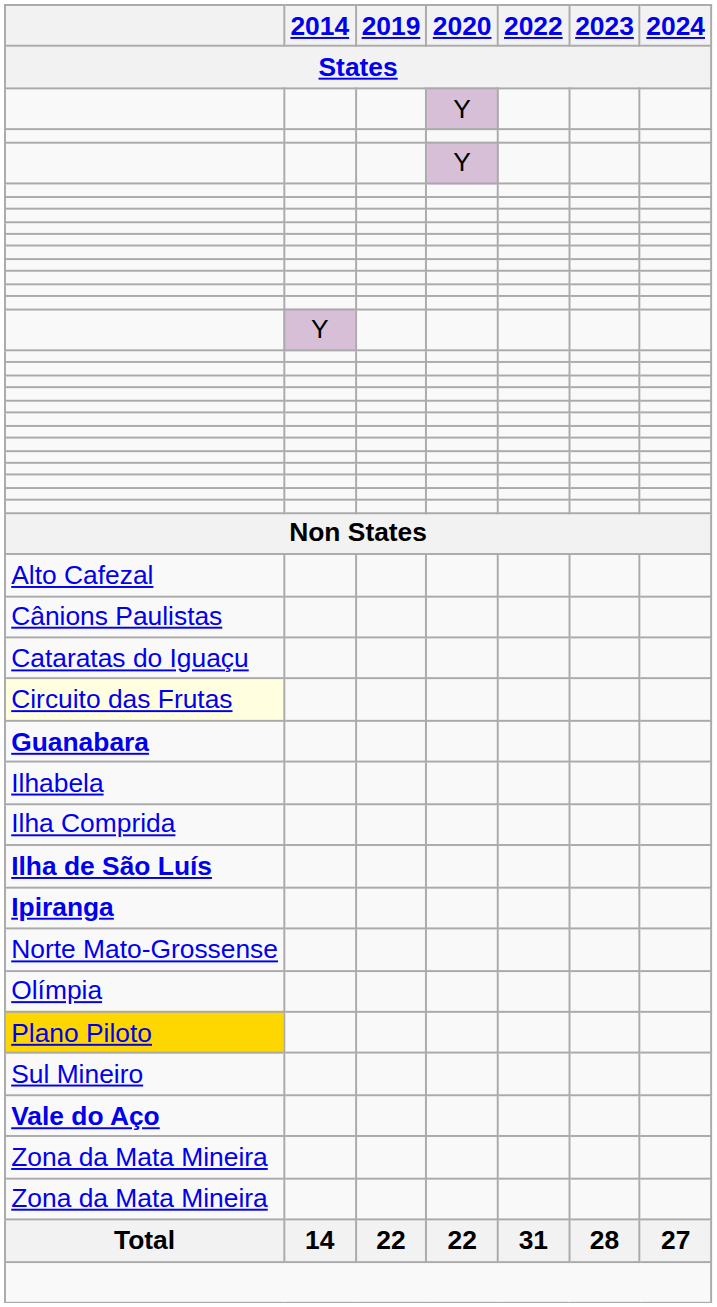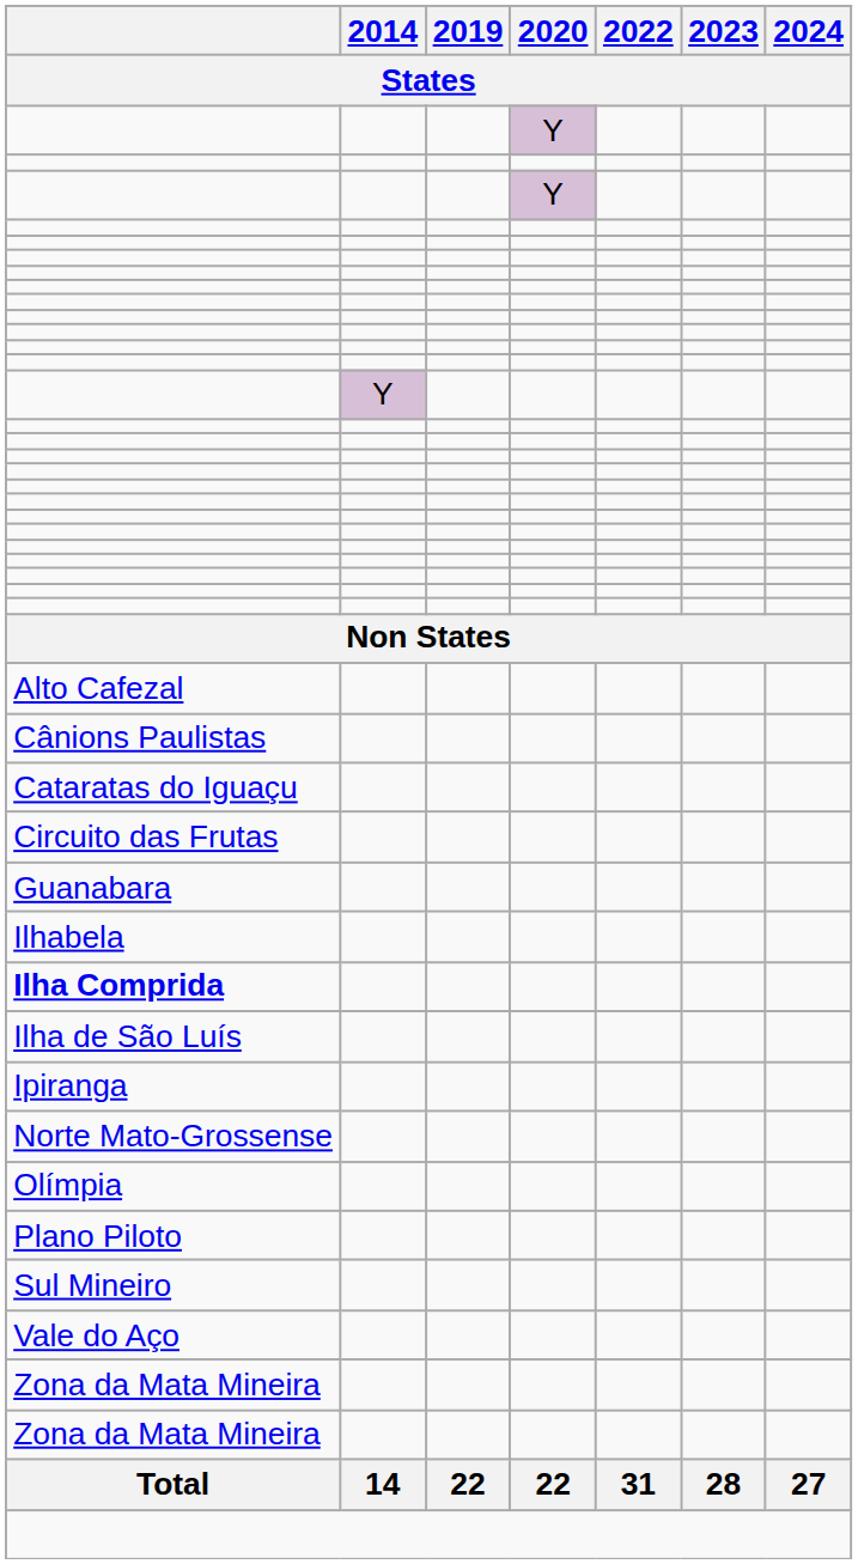 <table class="wikitable" style="font-size: 85%;">
 <tr>
 <th></th>
 <th><a href='#'>2014</a></th>
 <th><a href='#'>2019</a></th>
 <th><a href='#'>2020</a></th>
 <th><a href='#'>2022</a></th>
 <th><a href='#'>2023</a></th>
 <th><a href='#'>2024</a></th>
 </tr>
 <tr>
 <th colspan=7><a href='#'>States</a></th>
 </tr>
 <tr>
 <td></td>
 <td></td>
 <td></td>
 <td bgcolor=#D8BFD8 align=center>Y</td>
 <td></td>
 <td></td>
 <td></td>
 </tr>
 <tr>
 <td></td>
 <td></td>
 <td></td>
 <td></td>
 <td></td>
 <td></td>
 <td></td>
 </tr>
 <tr>
 <td></td>
 <td></td>
 <td></td>
 <td bgcolor=#D8BFD8 align=center>Y</td>
 <td></td>
 <td></td>
 <td></td>
 </tr>
 <tr>
 <td></td>
 <td></td>
 <td></td>
 <td></td>
 <td></td>
 <td></td>
 <td></td>
 </tr>
 <tr>
 <td></td>
 <td></td>
 <td></td>
 <td></td>
 <td></td>
 <td></td>
 <td></td>
 </tr>
 <tr>
 <td></td>
 <td></td>
 <td></td>
 <td></td>
 <td></td>
 <td></td>
 <td></td>
 </tr>
 <tr>
 <td></td>
 <td></td>
 <td></td>
 <td></td>
 <td></td>
 <td></td>
 <td></td>
 </tr>
 <tr>
 <td></td>
 <td></td>
 <td></td>
 <td></td>
 <td></td>
 <td></td>
 <td></td>
 </tr>
 <tr>
 <td></td>
 <td></td>
 <td></td>
 <td></td>
 <td></td>
 <td></td>
 <td></td>
 </tr>
 <tr>
 <td></td>
 <td></td>
 <td></td>
 <td></td>
 <td></td>
 <td></td>
 <td></td>
 </tr>
 <tr>
 <td></td>
 <td></td>
 <td></td>
 <td></td>
 <td></td>
 <td></td>
 <td></td>
 </tr>
 <tr>
 <td></td>
 <td></td>
 <td></td>
 <td></td>
 <td></td>
 <td></td>
 <td></td>
 </tr>
 <tr>
 <td></td>
 <td></td>
 <td></td>
 <td></td>
 <td></td>
 <td></td>
 <td></td>
 </tr>
 <tr>
 <td></td>
 <td bgcolor=#D8BFD8 align=center>Y</td>
 <td></td>
 <td></td>
 <td></td>
 <td></td>
 <td></td>
 </tr>
 <tr>
 <td></td>
 <td></td>
 <td></td>
 <td></td>
 <td></td>
 <td></td>
 <td></td>
 </tr>
 <tr>
 <td></td>
 <td></td>
 <td></td>
 <td></td>
 <td></td>
 <td></td>
 <td></td>
 </tr>
 <tr>
 <td></td>
 <td></td>
 <td></td>
 <td></td>
 <td></td>
 <td></td>
 <td></td>
 </tr>
 <tr>
 <td></td>
 <td></td>
 <td></td>
 <td></td>
 <td></td>
 <td></td>
 <td></td>
 </tr>
 <tr>
 <td></td>
 <td></td>
 <td></td>
 <td></td>
 <td></td>
 <td></td>
 <td></td>
 </tr>
 <tr>
 <td></td>
 <td></td>
 <td></td>
 <td></td>
 <td></td>
 <td></td>
 <td></td>
 </tr>
 <tr>
 <td></td>
 <td></td>
 <td></td>
 <td></td>
 <td></td>
 <td></td>
 <td></td>
 </tr>
 <tr>
 <td></td>
 <td></td>
 <td></td>
 <td></td>
 <td></td>
 <td></td>
 <td></td>
 </tr>
 <tr>
 <td></td>
 <td></td>
 <td></td>
 <td></td>
 <td></td>
 <td></td>
 <td></td>
 </tr>
 <tr>
 <td></td>
 <td></td>
 <td></td>
 <td></td>
 <td></td>
 <td></td>
 <td></td>
 </tr>
 <tr>
 <td></td>
 <td></td>
 <td></td>
 <td></td>
 <td></td>
 <td></td>
 <td></td>
 </tr>
 <tr>
 <td></td>
 <td></td>
 <td></td>
 <td></td>
 <td></td>
 <td></td>
 <td></td>
 </tr>
 <tr>
 <td></td>
 <td></td>
 <td></td>
 <td></td>
 <td></td>
 <td></td>
 <td></td>
 </tr>
 <tr>
 <th colspan=7>Non States</th>
 </tr>
 <tr>
 <td> <a href='#'>Alto Cafezal</a></td>
 <td></td>
 <td></td>
 <td></td>
 <td></td>
 <td></td>
 <td></td>
 </tr>
 <tr>
 <td> <a href='#'>Cânions Paulistas</a></td>
 <td></td>
 <td></td>
 <td></td>
 <td></td>
 <td></td>
 <td></td>
 </tr>
 <tr>
 <td> <a href='#'>Cataratas do Iguaçu</a></td>
 <td></td>
 <td></td>
 <td></td>
 <td></td>
 <td></td>
 <td></td>
 </tr>
 <tr>
-<td style="background: lightyellow;"> <a href='#'>Circuito das Frutas</a></td>
+<td> <a href='#'>Circuito das Frutas</a></td>
 <td></td>
 <td></td>
 <td></td>
 <td></td>
 <td></td>
 <td></td>
 </tr>
 <tr>
-<td><strong> <a href='#'>Guanabara</a></strong></td>
+<td> <a href='#'>Guanabara</a></td>
 <td></td>
 <td></td>
 <td></td>
 <td></td>
 <td></td>
 <td></td>
 </tr>
 <tr>
 <td> <a href='#'>Ilhabela</a></td>
 <td></td>
 <td></td>
 <td></td>
 <td></td>
 <td></td>
 <td></td>
 </tr>
 <tr>
-<td> <a href='#'>Ilha Comprida</a></td>
+<td><strong> <a href='#'>Ilha Comprida</a></strong></td>
 <td></td>
 <td></td>
 <td></td>
 <td></td>
 <td></td>
 <td></td>
 </tr>
 <tr>
-<td><strong> <a href='#'>Ilha de São Luís</a></strong></td>
+<td> <a href='#'>Ilha de São Luís</a></td>
 <td></td>
 <td></td>
 <td></td>
 <td></td>
 <td></td>
 <td></td>
 </tr>
 <tr>
-<td><strong> <a href='#'>Ipiranga</a></strong></td>
+<td> <a href='#'>Ipiranga</a></td>
 <td></td>
 <td></td>
 <td></td>
 <td></td>
 <td></td>
 <td></td>
 </tr>
 <tr>
 <td> <a href='#'>Norte Mato-Grossense</a></td>
 <td></td>
 <td></td>
 <td></td>
 <td></td>
 <td></td>
 <td></td>
 </tr>
 <tr>
 <td> <a href='#'>Olímpia</a></td>
 <td></td>
 <td></td>
 <td></td>
 <td></td>
 <td></td>
 <td></td>
 </tr>
 <tr>
-<td style="background: gold;"> <a href='#'>Plano Piloto</a></td>
+<td> <a href='#'>Plano Piloto</a></td>
 <td></td>
 <td></td>
 <td></td>
 <td></td>
 <td></td>
 <td></td>
 </tr>
 <tr>
 <td> <a href='#'>Sul Mineiro</a></td>
 <td></td>
 <td></td>
 <td></td>
 <td></td>
 <td></td>
 <td></td>
 </tr>
 <tr>
-<td><strong> <a href='#'>Vale do Aço</a></strong></td>
+<td> <a href='#'>Vale do Aço</a></td>
 <td></td>
 <td></td>
 <td></td>
 <td></td>
 <td></td>
 <td></td>
 </tr>
 <tr>
 <td> <a href='#'>Zona da Mata Mineira</a></td>
 <td></td>
 <td></td>
 <td></td>
 <td></td>
 <td></td>
 <td></td>
 </tr>
 <tr>
 <td> <a href='#'>Zona da Mata Mineira</a></td>
 <td></td>
 <td></td>
 <td></td>
 <td></td>
 <td></td>
 <td></td>
 </tr>
 <tr>
 <th>Total</th>
 <th>14</th>
 <th>22</th>
 <th>22</th>
 <th>31</th>
 <th>28</th>
 <th>27</th>
 </tr>
 <tr>
 <td colspan="9" align=left><br></td>
 </tr>
 </table>
